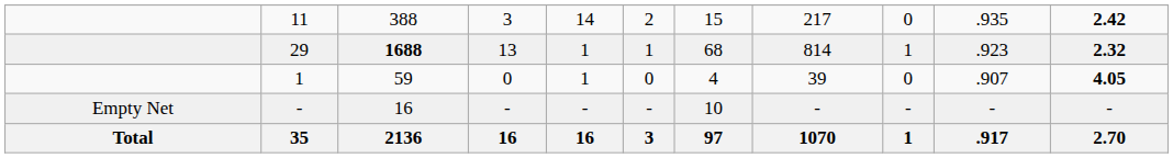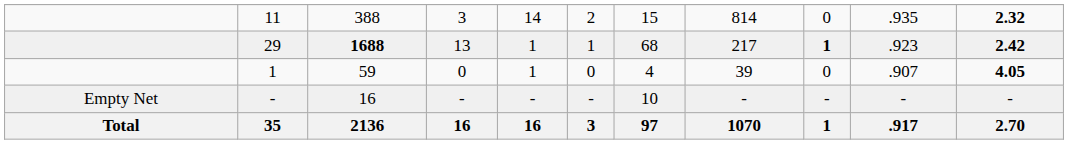 <table class="wikitable sortable" width ="1000">
 <tr align="center">
 </tr>
 <tr align="center" bgcolor="">
 <td></td>
 <td>11</td>
 <td>388</td>
 <td>3</td>
 <td>14</td>
 <td>2</td>
 <td>15</td>
-<td>217</td>
+<td>814</td>
 <td>0</td>
 <td>.935</td>
-<td><strong>2.42</strong></td>
+<td><strong>2.32</strong></td>
 </tr>
 <tr align="center" bgcolor="f0f0f0">
 <td></td>
 <td>29</td>
 <td><strong>1688</strong></td>
 <td>13</td>
 <td>1</td>
 <td>1</td>
 <td>68</td>
-<td>814</td>
-<td>1</td>
+<td>217</td>
+<td><strong>1</strong></td>
 <td>.923</td>
-<td><strong>2.32</strong></td>
+<td><strong>2.42</strong></td>
 </tr>
 <tr align="center" bgcolor="">
 <td></td>
 <td>1</td>
 <td>59</td>
 <td>0</td>
 <td>1</td>
 <td>0</td>
 <td>4</td>
 <td>39</td>
 <td>0</td>
 <td>.907</td>
 <td><strong>4.05</strong></td>
 </tr>
 <tr align="center" bgcolor="f0f0f0">
 <td>Empty Net</td>
 <td>-</td>
 <td>16</td>
 <td>-</td>
 <td>-</td>
 <td>-</td>
 <td>10</td>
 <td>-</td>
 <td>-</td>
 <td>-</td>
 <td>-</td>
 </tr>
 <tr>
 <th>Total</th>
 <th>35</th>
 <th>2136</th>
 <th>16</th>
 <th>16</th>
 <th>3</th>
 <th>97</th>
 <th>1070</th>
 <th>1</th>
 <th>.917</th>
 <th>2.70</th>
 </tr>
 </table>
